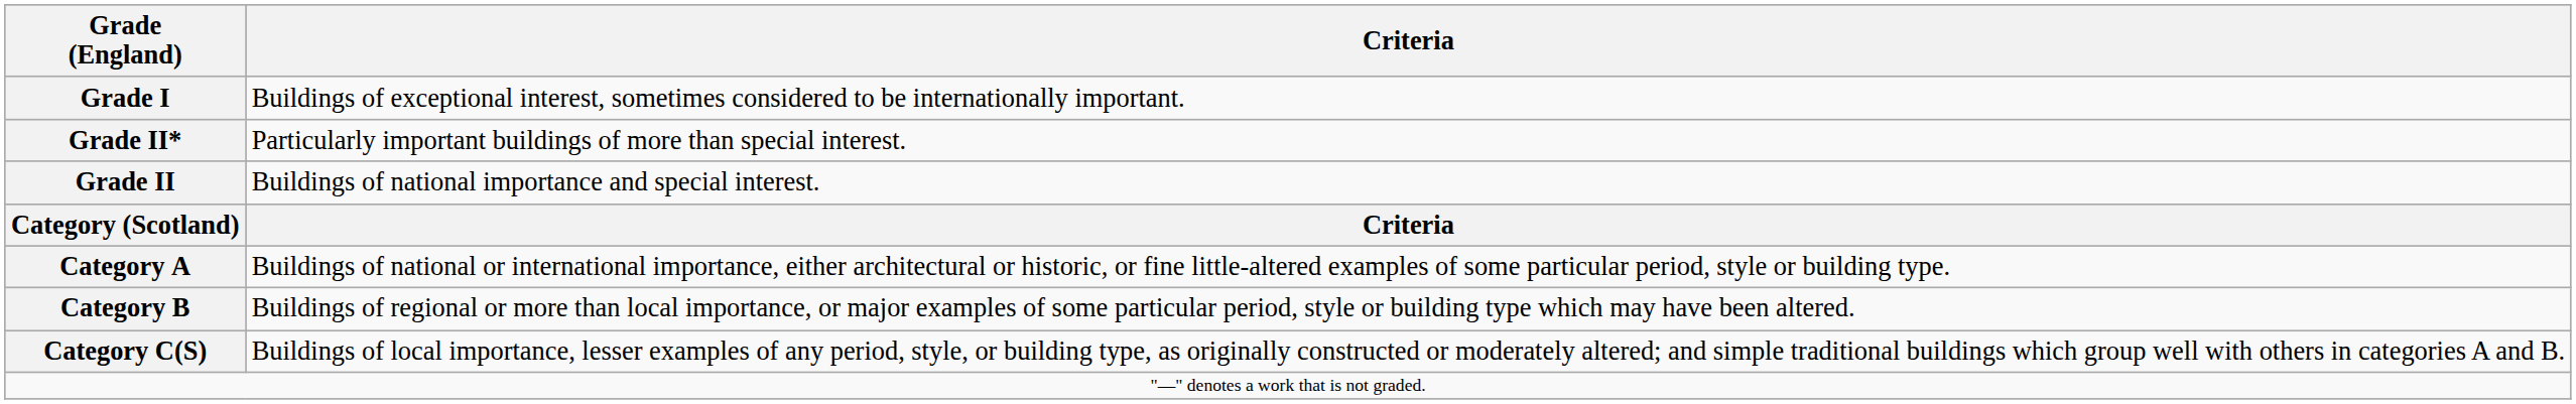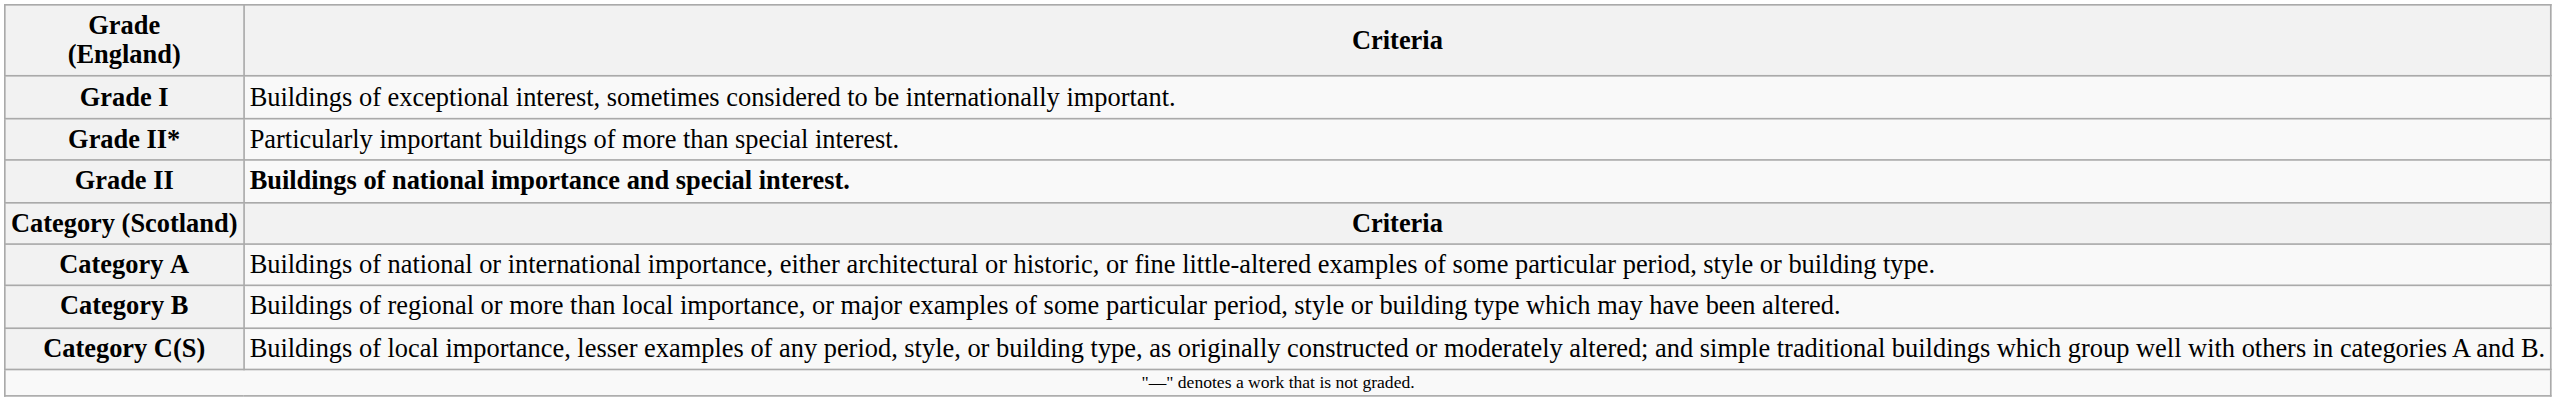 <table class="wikitable" border="1">
 <tr>
 <th>Grade<br>(England)</th>
 <th>Criteria</th>
 </tr>
 <tr>
 <th>Grade I</th>
 <td>Buildings of exceptional interest, sometimes considered to be internationally important.</td>
 </tr>
 <tr>
 <th>Grade II*</th>
 <td>Particularly important buildings of more than special interest.</td>
 </tr>
 <tr>
 <th>Grade II</th>
-<td>Buildings of national importance and special interest.</td>
+<td><strong>Buildings of national importance and special interest.</strong></td>
 </tr>
 <tr>
 <th>Category (Scotland)</th>
 <th>Criteria</th>
 </tr>
 <tr>
 <th>Category A</th>
 <td>Buildings of national or international importance, either architectural or historic, or fine little-altered examples of some particular period, style or building type.</td>
 </tr>
 <tr>
 <th>Category B</th>
 <td>Buildings of regional or more than local importance, or major examples of some particular period, style or building type which may have been altered.</td>
 </tr>
 <tr>
 <th>Category C(S)</th>
 <td>Buildings of local importance, lesser examples of any period, style, or building type, as originally constructed or moderately altered; and simple traditional buildings which group well with others in categories A and B.</td>
 </tr>
 <tr>
 <td align="center" colspan="14" style="font-size: 8pt">"—" denotes a work that is not graded.</td>
 </tr>
 </table>
